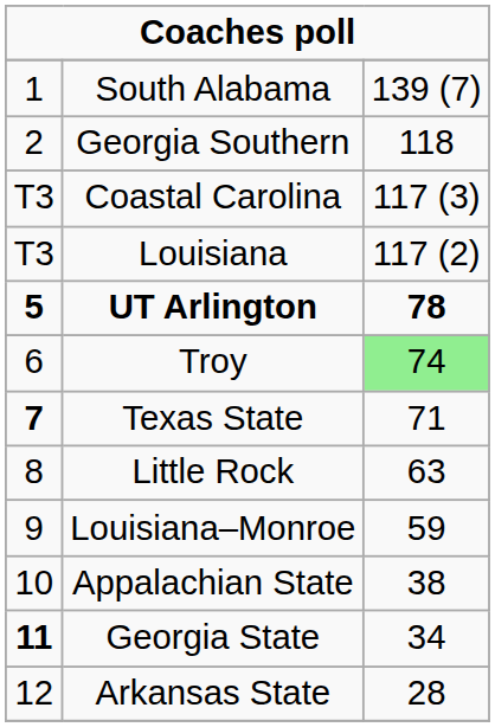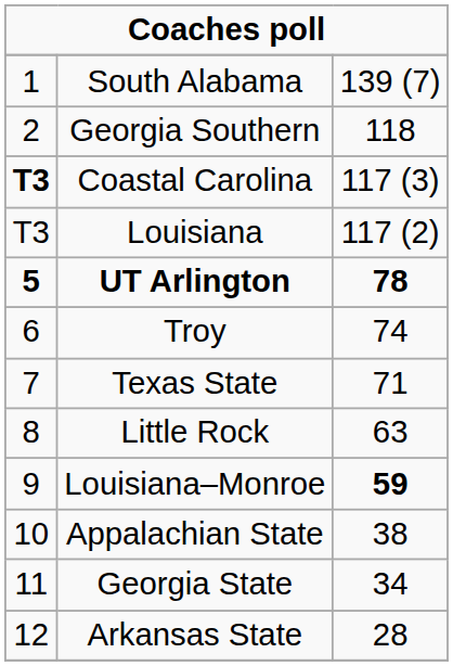 <table class="wikitable">
 <tr align="center">
 <td align="center" Colspan="3"><strong>Coaches poll</strong></td>
 </tr>
 <tr align="center">
 </tr>
 <tr align="center">
 <td>1</td>
 <td>South Alabama</td>
 <td>139 (7)</td>
 </tr>
 <tr align="center">
 <td>2</td>
 <td>Georgia Southern</td>
 <td>118</td>
 </tr>
 <tr align="center">
-<td>T3</td>
+<td><strong>T3</strong></td>
 <td>Coastal Carolina</td>
 <td>117 (3)</td>
 </tr>
 <tr align="center">
 <td>T3</td>
 <td>Louisiana</td>
 <td>117 (2)</td>
 </tr>
 <tr align="center">
 <td><strong>5</strong></td>
 <td><strong>UT Arlington</strong></td>
 <td><strong>78</strong></td>
 </tr>
 <tr align="center">
 <td>6</td>
 <td>Troy</td>
-<td style="background: lightgreen;">74</td>
+<td>74</td>
 </tr>
 <tr align="center">
-<td><strong>7</strong></td>
+<td>7</td>
 <td>Texas State</td>
 <td>71</td>
 </tr>
 <tr align="center">
 <td>8</td>
 <td>Little Rock</td>
 <td>63</td>
 </tr>
 <tr align="center">
 <td>9</td>
 <td>Louisiana–Monroe</td>
-<td>59</td>
+<td><strong>59</strong></td>
 </tr>
 <tr align="center">
 <td>10</td>
 <td>Appalachian State</td>
 <td>38</td>
 </tr>
 <tr align="center">
-<td><strong>11</strong></td>
+<td>11</td>
 <td>Georgia State</td>
 <td>34</td>
 </tr>
 <tr align="center">
 <td>12</td>
 <td>Arkansas State</td>
 <td>28</td>
 </tr>
 <tr align="center">
 </tr>
 </table>
